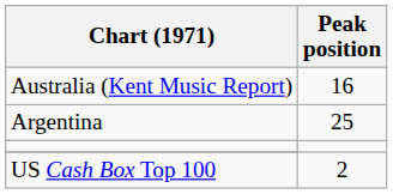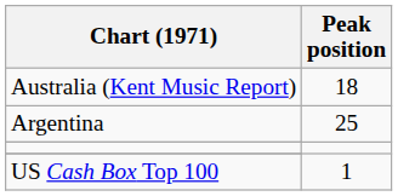 <table class="wikitable sortable">
 <tr>
 <th>Chart (1971)</th>
 <th>Peak<br>position</th>
 </tr>
 <tr>
 <td>Australia (<a href='#'>Kent Music Report</a>)</td>
-<td align="center">16</td>
+<td align="center">18</td>
 </tr>
 <tr>
 <td>Argentina</td>
 <td style="text-align:center;">25</td>
 </tr>
 <tr>
 </tr>
 <tr>
 </tr>
 <tr>
 <td></td>
 </tr>
 <tr>
 </tr>
 <tr>
 </tr>
 <tr>
 </tr>
 <tr>
 </tr>
 <tr>
 </tr>
 <tr>
 <td>US <a href='#'><em>Cash Box</em> Top 100</a></td>
-<td align="center">2</td>
+<td align="center">1</td>
 </tr>
 </table>
